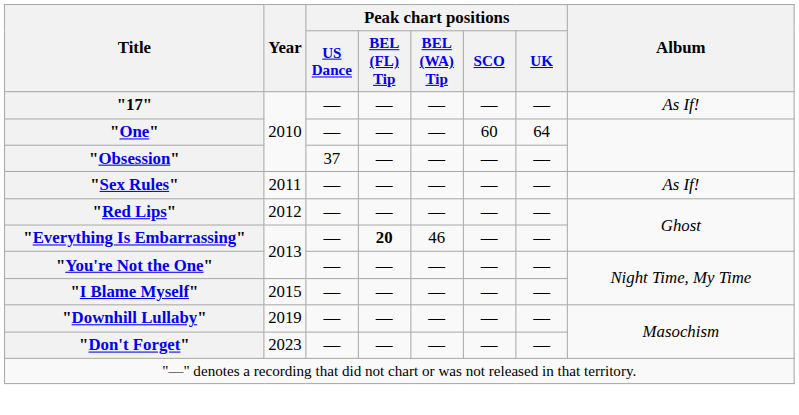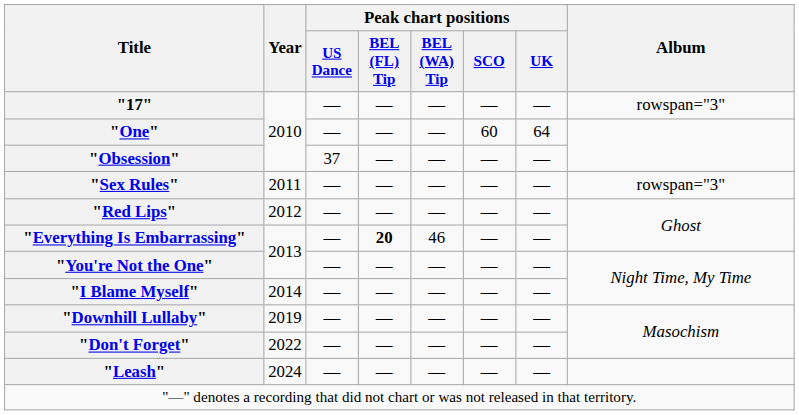 <table class="wikitable plainrowheaders" style="text-align:center;">
 <tr>
 <th scope="col" rowspan="2" style="width:15em;">Title</th>
 <th scope="col" rowspan="2" style="width:1em;">Year</th>
 <th scope="col" colspan="5">Peak chart positions</th>
 <th scope="col" rowspan="2" style="width:13em;">Album</th>
 </tr>
 <tr>
 <th scope="col" style="width:3em;font-size:90%;"><a href='#'>US<br>Dance</a><br></th>
 <th scope="col" style="width:3em;font-size:90%;"><a href='#'>BEL<br>(FL)<br>Tip</a><br></th>
 <th scope="col" style="width:3em;font-size:90%;"><a href='#'>BEL<br>(WA)<br>Tip</a><br></th>
 <th scope="col" style="width:3em;font-size:90%;"><a href='#'>SCO</a><br></th>
 <th scope="col" style="width:3em;font-size:90%;"><a href='#'>UK</a><br></th>
 </tr>
 <tr>
 <th scope="row">"17"</th>
 <td rowspan="3">2010</td>
 <td>—</td>
 <td>—</td>
 <td>—</td>
 <td>—</td>
 <td>—</td>
-<td><em>As If!</em></td>
+<td>rowspan="3" </td>
 </tr>
 <tr>
 <th scope="row">"<a href='#'>One</a>"</th>
 <td>—</td>
 <td>—</td>
 <td>—</td>
 <td>60</td>
 <td>64</td>
 </tr>
 <tr>
 <th scope="row">"<a href='#'>Obsession</a>"</th>
 <td>37</td>
 <td>—</td>
 <td>—</td>
 <td>—</td>
 <td>—</td>
 </tr>
 <tr>
 <th scope="row">"<a href='#'>Sex Rules</a>"</th>
 <td>2011</td>
 <td>—</td>
 <td>—</td>
 <td>—</td>
 <td>—</td>
 <td>—</td>
-<td><em>As If!</em></td>
+<td>rowspan="3" </td>
 </tr>
 <tr>
 <th scope="row">"<a href='#'>Red Lips</a>"</th>
 <td>2012</td>
 <td>—</td>
 <td>—</td>
 <td>—</td>
 <td>—</td>
 <td>—</td>
 <td rowspan="2"><em>Ghost</em></td>
 </tr>
 <tr>
 <th scope="row">"<a href='#'>Everything Is Embarrassing</a>"</th>
 <td rowspan="2">2013</td>
 <td>—</td>
 <td><strong>20</strong></td>
 <td>46</td>
 <td>—</td>
 <td>—</td>
 </tr>
 <tr>
 <th scope="row">"<a href='#'>You're Not the One</a>"</th>
 <td>—</td>
 <td>—</td>
 <td>—</td>
 <td>—</td>
 <td>—</td>
 <td rowspan="2"><em>Night Time, My Time</em></td>
 </tr>
 <tr>
 <th scope="row">"<a href='#'>I Blame Myself</a>"</th>
-<td>2015</td>
+<td>2014</td>
 <td>—</td>
 <td>—</td>
 <td>—</td>
 <td>—</td>
 <td>—</td>
 </tr>
 <tr>
 <th scope="row">"<a href='#'>Downhill Lullaby</a>"</th>
 <td>2019</td>
 <td>—</td>
 <td>—</td>
 <td>—</td>
 <td>—</td>
 <td>—</td>
 <td rowspan="2"><em>Masochism</em></td>
 </tr>
 <tr>
 <th scope="row">"<a href='#'>Don't Forget</a>"</th>
-<td>2023</td>
+<td>2022</td>
 <td>—</td>
 <td>—</td>
 <td>—</td>
 <td>—</td>
 <td>—</td>
 </tr>
 <tr>
+<th scope="row">"<a href='#'>Leash</a>"</th>
+<td>2024</td>
+<td>—</td>
+<td>—</td>
+<td>—</td>
+<td>—</td>
+<td>—</td>
+<td></td>
+</tr>
+<tr>
 <td colspan="8" style="font-size:90%">"—" denotes a recording that did not chart or was not released in that territory.</td>
 </tr>
 </table>
